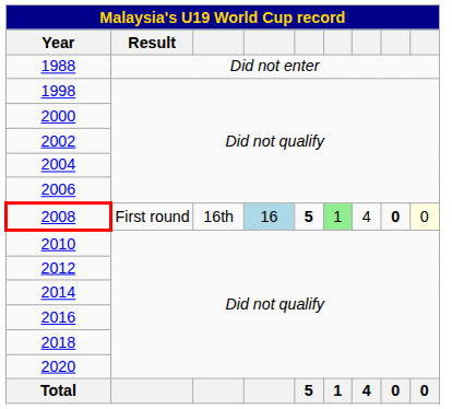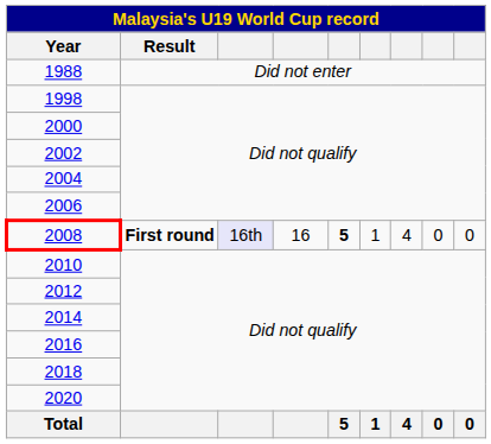 <table class="wikitable" style="font-size:90%; text-align:center;">
 <tr>
 <th style="color:gold; background:darkblue;" colspan=9>Malaysia's U19 World Cup record</th>
 </tr>
 <tr>
 <th width="90">Year</th>
 <th>Result</th>
 <th width="40"></th>
 <th width="40"></th>
 <th width="20"></th>
 <th width="20"></th>
 <th width="20"></th>
 <th width="20"></th>
 <th width="20"></th>
 </tr>
 <tr>
 <td> <a href='#'>1988</a></td>
 <td colspan=8><em>Did not enter</em></td>
 </tr>
 <tr>
 <td> <a href='#'>1998</a></td>
 <td colspan=8 rowspan=5><em>Did not qualify</em></td>
 </tr>
 <tr>
 <td> <a href='#'>2000</a></td>
 </tr>
 <tr>
 <td> <a href='#'>2002</a></td>
 </tr>
 <tr>
 <td> <a href='#'>2004</a></td>
 </tr>
 <tr>
 <td> <a href='#'>2006</a></td>
 </tr>
 <tr>
 <td style="border:3px solid red"> <a href='#'>2008</a></td>
-<td>First round</td>
-<td>16th</td>
-<td style="background: lightblue;">16</td>
+<td><strong>First round</strong></td>
+<td style="background: lavender;">16th</td>
+<td>16</td>
 <td><strong>5</strong></td>
-<td style="background: lightgreen;">1</td>
+<td>1</td>
 <td>4</td>
-<td><strong>0</strong></td>
-<td style="background: lightyellow;">0</td>
+<td>0</td>
+<td>0</td>
 </tr>
 <tr>
 <td> <a href='#'>2010</a></td>
 <td colspan=8 rowspan=6><em>Did not qualify</em></td>
 </tr>
 <tr>
 <td> <a href='#'>2012</a></td>
 </tr>
 <tr>
 <td> <a href='#'>2014</a></td>
 </tr>
 <tr>
 <td> <a href='#'>2016</a></td>
 </tr>
 <tr>
 <td> <a href='#'>2018</a></td>
 </tr>
 <tr>
 <td> <a href='#'>2020</a></td>
 </tr>
 <tr>
 <th>Total</th>
 <th></th>
 <th></th>
 <th></th>
 <th>5</th>
 <th>1</th>
 <th>4</th>
 <th>0</th>
 <th>0</th>
 </tr>
 </table>
